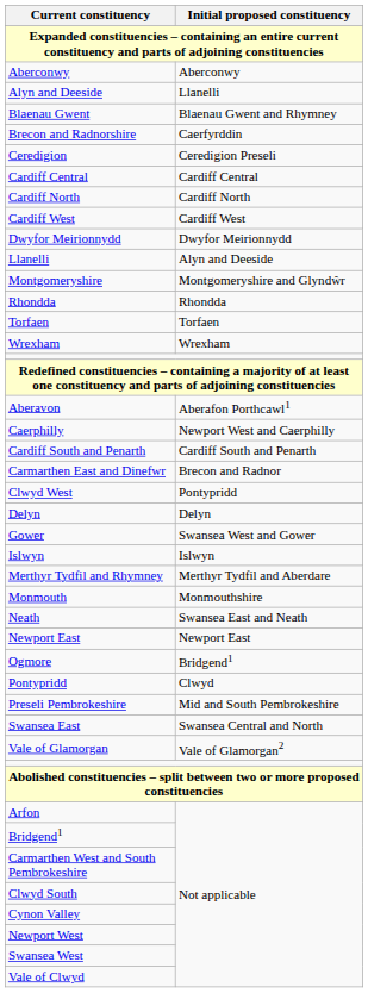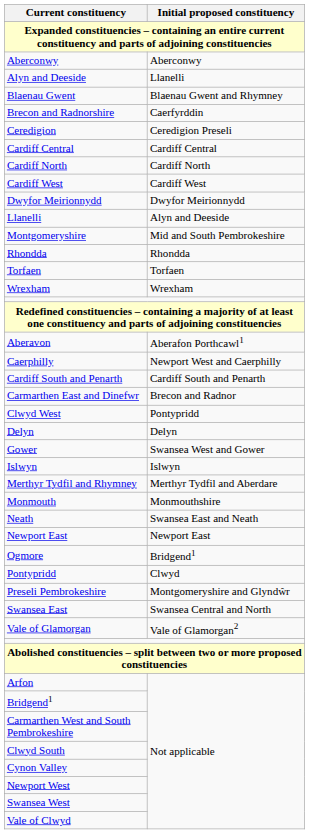 <table class="wikitable mw-collapsible">
 <tr>
 <th width=200>Current constituency</th>
 <th width=220>Initial proposed constituency</th>
 </tr>
 <tr>
 <th colspan="2" style="background:#FFFFCC">Expanded constituencies – containing an entire current constituency and parts of adjoining constituencies</th>
 </tr>
 <tr>
 <td><a href='#'>Aberconwy</a></td>
 <td>Aberconwy</td>
 </tr>
 <tr>
 <td><a href='#'>Alyn and Deeside</a></td>
 <td>Llanelli</td>
 </tr>
 <tr>
 <td><a href='#'>Blaenau Gwent</a></td>
 <td>Blaenau Gwent and Rhymney</td>
 </tr>
 <tr>
 <td><a href='#'>Brecon and Radnorshire</a></td>
 <td>Caerfyrddin</td>
 </tr>
 <tr>
 <td><a href='#'>Ceredigion</a></td>
 <td>Ceredigion Preseli</td>
 </tr>
 <tr>
 <td><a href='#'>Cardiff Central</a></td>
 <td>Cardiff Central</td>
 </tr>
 <tr>
 <td><a href='#'>Cardiff North</a></td>
 <td>Cardiff North</td>
 </tr>
 <tr>
 <td><a href='#'>Cardiff West</a></td>
 <td>Cardiff West</td>
 </tr>
 <tr>
 <td><a href='#'>Dwyfor Meirionnydd</a></td>
 <td>Dwyfor Meirionnydd</td>
 </tr>
 <tr>
 <td><a href='#'>Llanelli</a></td>
 <td>Alyn and Deeside</td>
 </tr>
 <tr>
 <td><a href='#'>Montgomeryshire</a></td>
-<td>Montgomeryshire and Glyndŵr</td>
+<td>Mid and South Pembrokeshire</td>
 </tr>
 <tr>
 <td><a href='#'>Rhondda</a></td>
 <td>Rhondda</td>
 </tr>
 <tr>
 <td><a href='#'>Torfaen</a></td>
 <td>Torfaen</td>
 </tr>
 <tr>
 <td><a href='#'>Wrexham</a></td>
 <td>Wrexham</td>
 </tr>
 <tr>
 <td colspan="2"></td>
 </tr>
 <tr>
 <th colspan="2"  style="background:#FFFFCC">Redefined constituencies – containing a majority of at least one constituency and parts of adjoining constituencies</th>
 </tr>
 <tr>
 <td><a href='#'>Aberavon</a></td>
 <td>Aberafon Porthcawl<sup>1</sup></td>
 </tr>
 <tr>
 <td><a href='#'>Caerphilly</a></td>
 <td>Newport West and Caerphilly</td>
 </tr>
 <tr>
 <td><a href='#'>Cardiff South and Penarth</a></td>
 <td>Cardiff South and Penarth</td>
 </tr>
 <tr>
 <td><a href='#'>Carmarthen East and Dinefwr</a></td>
 <td>Brecon and Radnor</td>
 </tr>
 <tr>
 <td><a href='#'>Clwyd West</a></td>
 <td>Pontypridd</td>
 </tr>
 <tr>
 <td><a href='#'>Delyn</a></td>
 <td>Delyn</td>
 </tr>
 <tr>
 <td><a href='#'>Gower</a></td>
 <td>Swansea West and Gower</td>
 </tr>
 <tr>
 <td><a href='#'>Islwyn</a></td>
 <td>Islwyn</td>
 </tr>
 <tr>
 <td><a href='#'>Merthyr Tydfil and Rhymney</a></td>
 <td>Merthyr Tydfil and Aberdare</td>
 </tr>
 <tr>
 <td><a href='#'>Monmouth</a></td>
 <td>Monmouthshire</td>
 </tr>
 <tr>
 <td><a href='#'>Neath</a></td>
 <td>Swansea East and Neath</td>
 </tr>
 <tr>
 <td><a href='#'>Newport East</a></td>
 <td>Newport East</td>
 </tr>
 <tr>
 <td><a href='#'>Ogmore</a></td>
 <td>Bridgend<sup>1</sup></td>
 </tr>
 <tr>
 <td><a href='#'>Pontypridd</a></td>
 <td>Clwyd</td>
 </tr>
 <tr>
 <td><a href='#'>Preseli Pembrokeshire</a></td>
-<td>Mid and South Pembrokeshire</td>
+<td>Montgomeryshire and Glyndŵr</td>
 </tr>
 <tr>
 <td><a href='#'>Swansea East</a></td>
 <td>Swansea Central and North</td>
 </tr>
 <tr>
 <td><a href='#'>Vale of Glamorgan</a></td>
 <td>Vale of Glamorgan<sup>2</sup></td>
 </tr>
 <tr>
 <td colspan=2></td>
 </tr>
 <tr>
 <th colspan=2  style="background:#FFFFCC">Abolished constituencies – split between two or more proposed constituencies</th>
 </tr>
 <tr>
 <td><a href='#'>Arfon</a></td>
 <td rowspan="8">Not applicable</td>
 </tr>
 <tr>
 <td><a href='#'>Bridgend</a><sup>1</sup></td>
 </tr>
 <tr>
 <td><a href='#'>Carmarthen West and South Pembrokeshire</a></td>
 </tr>
 <tr>
 <td><a href='#'>Clwyd South</a></td>
 </tr>
 <tr>
 <td><a href='#'>Cynon Valley</a></td>
 </tr>
 <tr>
 <td><a href='#'>Newport West</a></td>
 </tr>
 <tr>
 <td><a href='#'>Swansea West</a></td>
 </tr>
 <tr>
 <td><a href='#'>Vale of Clwyd</a></td>
 </tr>
 </table>
